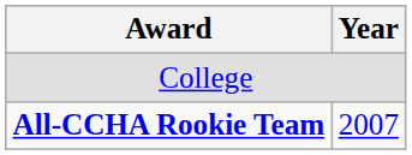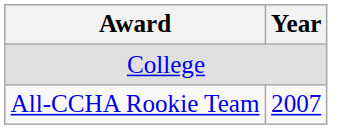 <table class="wikitable">
 <tr>
 <th>Award</th>
 <th>Year</th>
 </tr>
 <tr ALIGN="center" bgcolor="#e0e0e0">
 <td colspan="2"><a href='#'>College</a></td>
 </tr>
 <tr>
-<td><strong><a href='#'>All-CCHA Rookie Team</a></strong></td>
+<td><a href='#'>All-CCHA Rookie Team</a></td>
 <td><a href='#'>2007</a></td>
 </tr>
 </table>
